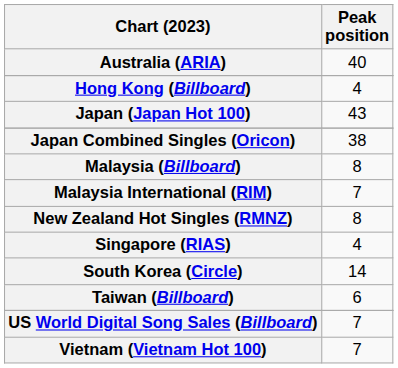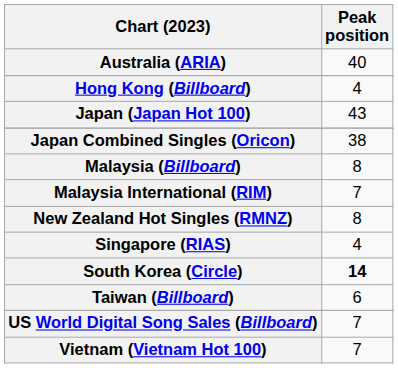 <table class="wikitable sortable plainrowheaders" style="text-align:center">
 <tr>
 <th scope="col">Chart (2023)</th>
 <th scope="col">Peak<br>position</th>
 </tr>
 <tr>
 <th scope="row">Australia (<a href='#'>ARIA</a>)</th>
 <td>40</td>
 </tr>
 <tr>
 </tr>
 <tr>
 </tr>
 <tr>
 <th scope="row"><a href='#'>Hong Kong</a> (<em><a href='#'>Billboard</a></em>)</th>
 <td>4</td>
 </tr>
 <tr>
 <th scope="row">Japan (<a href='#'>Japan Hot 100</a>)</th>
 <td>43</td>
 </tr>
 <tr>
 </tr>
 <tr>
 <th scope="row">Japan Combined Singles (<a href='#'>Oricon</a>)</th>
 <td>38</td>
 </tr>
 <tr>
 <th scope="row">Malaysia (<em><a href='#'>Billboard</a></em>)</th>
 <td>8</td>
 </tr>
 <tr>
 <th scope="row">Malaysia International (<a href='#'>RIM</a>)</th>
 <td>7</td>
 </tr>
 <tr>
 <th scope="row">New Zealand Hot Singles (<a href='#'>RMNZ</a>)</th>
 <td>8</td>
 </tr>
 <tr>
 <th scope="row">Singapore (<a href='#'>RIAS</a>)</th>
 <td>4</td>
 </tr>
 <tr>
 <th scope="row">South Korea (<a href='#'>Circle</a>)</th>
-<td>14</td>
+<td><strong>14</strong></td>
 </tr>
 <tr>
 <th scope="row">Taiwan (<em><a href='#'>Billboard</a></em>)</th>
 <td>6</td>
 </tr>
 <tr>
 </tr>
 <tr>
 </tr>
 <tr>
 <th scope="row">US <a href='#'>World Digital Song Sales</a> (<em><a href='#'>Billboard</a></em>)</th>
 <td>7</td>
 </tr>
 <tr>
 <th scope="row">Vietnam (<a href='#'>Vietnam Hot 100</a>)</th>
 <td>7</td>
 </tr>
 </table>
